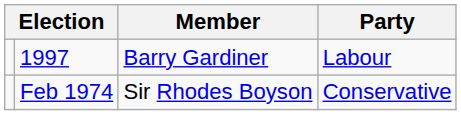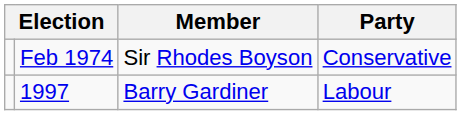 <table class="wikitable">
 <tr>
 <th colspan="2">Election</th>
 <th>Member</th>
 <th>Party</th>
 </tr>
 <tr>
 <td style="color:inherit;background-color: "></td>
+<td><a href='#'>Feb 1974</a></td>
+<td>Sir <a href='#'>Rhodes Boyson</a></td>
+<td><a href='#'>Conservative</a></td>
+</tr>
+<tr>
+<td style="color:inherit;background-color: "></td>
 <td><a href='#'>1997</a></td>
 <td><a href='#'>Barry Gardiner</a></td>
 <td><a href='#'>Labour</a></td>
 </tr>
-<tr>
-<td style="color:inherit;background-color: "></td>
-<td><a href='#'>Feb 1974</a></td>
-<td>Sir <a href='#'>Rhodes Boyson</a></td>
-<td><a href='#'>Conservative</a></td>
-</tr>
 </table>
